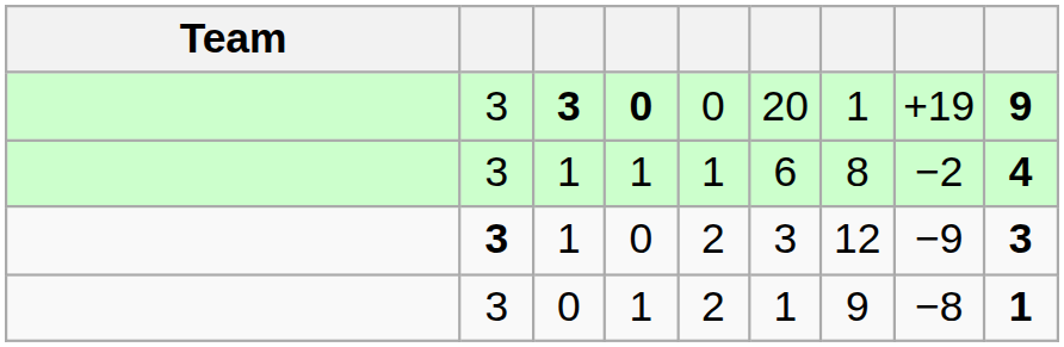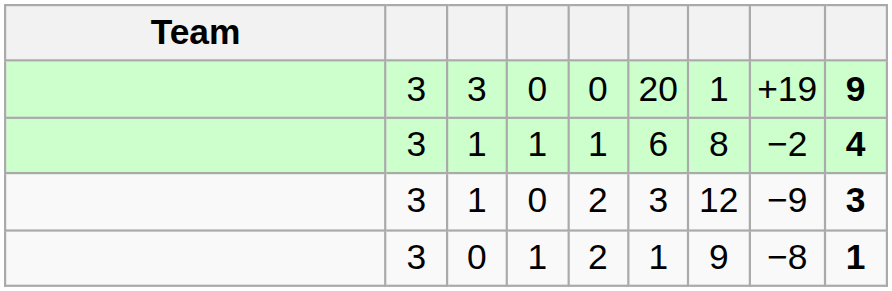 <table class="wikitable" style="text-align:center;">
 <tr>
 <th width="165">Team</th>
 <th width="20"></th>
 <th width="20"></th>
 <th width="20"></th>
 <th width="20"></th>
 <th width="20"></th>
 <th width="20"></th>
 <th width="20"></th>
 <th width="20"><br></th>
 </tr>
 <tr bgcolor="#ccffcc">
 <td style="text-align:left;"></td>
 <td>3</td>
-<td><strong>3</strong></td>
-<td><strong>0</strong></td>
+<td>3</td>
+<td>0</td>
 <td>0</td>
 <td>20</td>
 <td>1</td>
 <td>+19</td>
 <td><strong>9</strong></td>
 </tr>
 <tr bgcolor="#ccffcc">
 <td style="text-align:left;"></td>
 <td>3</td>
 <td>1</td>
 <td>1</td>
 <td>1</td>
 <td>6</td>
 <td>8</td>
 <td>−2</td>
 <td><strong>4</strong></td>
 </tr>
 <tr align=center bgcolor="">
 <td style="text-align:left;"></td>
-<td><strong>3</strong></td>
+<td>3</td>
 <td>1</td>
 <td>0</td>
 <td>2</td>
 <td>3</td>
 <td>12</td>
 <td>−9</td>
 <td><strong>3</strong></td>
 </tr>
 <tr align=center bgcolor="">
 <td style="text-align:left;"></td>
 <td>3</td>
 <td>0</td>
 <td>1</td>
 <td>2</td>
 <td>1</td>
 <td>9</td>
 <td>−8</td>
 <td><strong>1</strong></td>
 </tr>
 </table>
